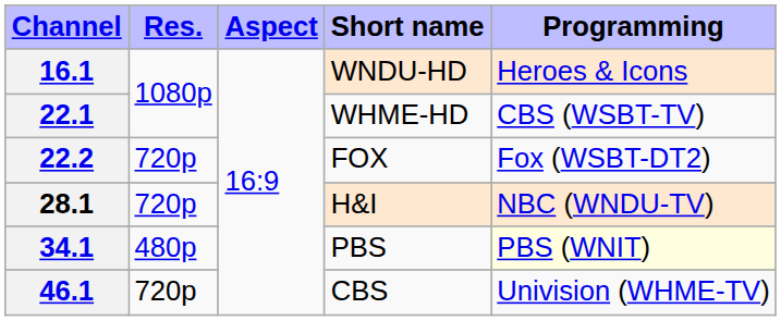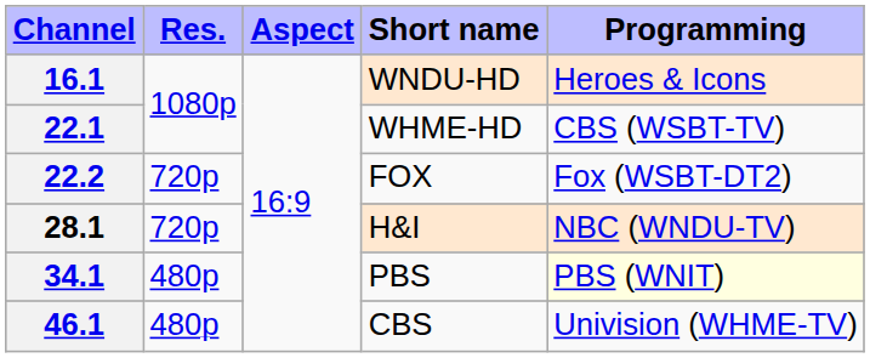 <table class="wikitable">
 <tr>
 <th style="background-color: #bdbdff" scope = "col"><a href='#'>Channel</a></th>
 <th style="background-color: #bdbdff" scope = "col"><a href='#'>Res.</a></th>
 <th style="background-color: #bdbdff" scope = "col"><a href='#'>Aspect</a></th>
 <th style="background-color: #bdbdff" scope = "col">Short name</th>
 <th style="background-color: #bdbdff" scope = "col">Programming</th>
 </tr>
 <tr>
 <th scope = "row"><a href='#'>16.1</a></th>
 <td rowspan=2><a href='#'>1080p</a></td>
 <td rowspan=6><a href='#'>16:9</a></td>
 <td style="background-color:#ffe8d0">WNDU-HD</td>
 <td style="background-color:#ffe8d0"><a href='#'>Heroes & Icons</a> </td>
 </tr>
 <tr>
 <th scope = "row"><a href='#'>22.1</a></th>
 <td>WHME-HD</td>
 <td><a href='#'>CBS</a> (<a href='#'>WSBT-TV</a>)</td>
 </tr>
 <tr>
 <th scope = "row"><a href='#'>22.2</a></th>
 <td><a href='#'>720p</a></td>
 <td>FOX</td>
 <td><a href='#'>Fox</a> (<a href='#'>WSBT-DT2</a>)</td>
 </tr>
 <tr>
 <th scope = "row">28.1</th>
 <td><a href='#'>720p</a></td>
 <td style="background-color:#ffe8d0">H&I</td>
 <td style="background-color:#ffe8d0"><a href='#'>NBC</a> (<a href='#'>WNDU-TV</a>) </td>
 </tr>
 <tr>
 <th scope = "row"><a href='#'>34.1</a></th>
 <td><a href='#'>480p</a></td>
 <td>PBS</td>
 <td style="background: lightyellow;"><a href='#'>PBS</a> (<a href='#'>WNIT</a>)</td>
 </tr>
 <tr>
 <th scope = "row"><a href='#'>46.1</a></th>
-<td>720p</td>
+<td><a href='#'>480p</a></td>
 <td>CBS</td>
 <td><a href='#'>Univision</a> (<a href='#'>WHME-TV</a>)</td>
 </tr>
 </table>
